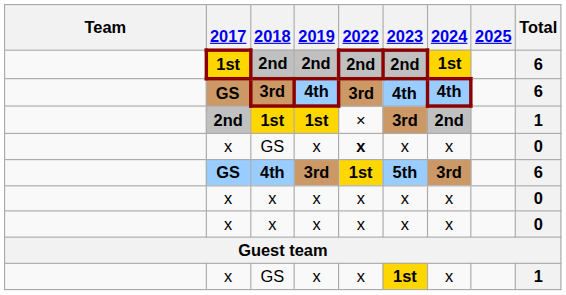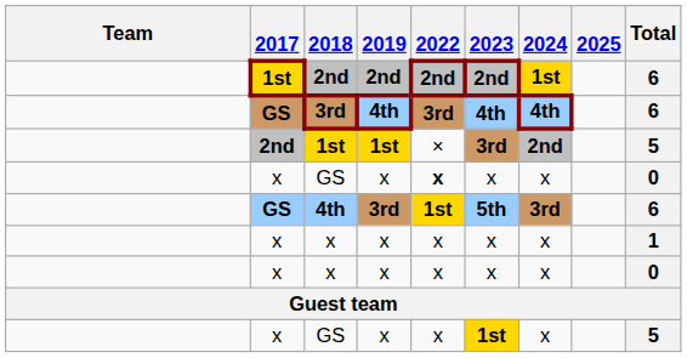 <table class="wikitable" style="text-align:center; font-size:90%">
 <tr>
 <th width=170>Team</th>
 <th><br><a href='#'>2017</a></th>
 <th><br><a href='#'>2018</a></th>
 <th><br><a href='#'>2019</a></th>
 <th><br><a href='#'>2022</a></th>
 <th><br><a href='#'>2023</a></th>
 <th><br><a href='#'>2024</a></th>
 <th><br><a href='#'>2025</a></th>
 <th>Total</th>
 </tr>
 <tr>
 <td align=left></td>
 <td style="border: 3px solid darkred" bgcolor=gold><strong>1st</strong></td>
 <td bgcolor=silver><strong>2nd</strong></td>
 <td bgcolor=silver><strong>2nd</strong></td>
 <td style="border: 3px solid darkred" bgcolor=silver><strong>2nd</strong></td>
 <td style="border: 3px solid darkred" bgcolor=silver><strong>2nd</strong></td>
 <td bgcolor=gold><strong>1st</strong></td>
 <td></td>
 <th>6</th>
 </tr>
 <tr>
 <td align=left></td>
 <td bgcolor=cc9966><strong>GS</strong></td>
 <td style="border: 3px solid darkred" bgcolor=cc9966><strong>3rd</strong></td>
 <td style="border: 3px solid darkred" bgcolor=9acdff><strong>4th</strong></td>
 <td bgcolor=cc9966><strong>3rd</strong></td>
 <td bgcolor=9acdff><strong>4th</strong></td>
 <td style="border: 3px solid darkred" bgcolor=9acdff><strong>4th</strong></td>
 <td></td>
 <th>6</th>
 </tr>
 <tr>
 <td align=left></td>
 <td bgcolor=silver><strong>2nd</strong></td>
 <td bgcolor=gold><strong>1st</strong></td>
 <td bgcolor=gold><strong>1st</strong></td>
 <td>×</td>
 <td bgcolor=cc9966><strong>3rd</strong></td>
 <td bgcolor=silver><strong>2nd</strong></td>
 <td></td>
-<th>1</th>
+<th>5</th>
 </tr>
 <tr>
 <td align=left></td>
 <td>x</td>
 <td>GS</td>
 <td>x</td>
 <td><strong>x</strong></td>
 <td>x</td>
 <td>x</td>
 <td></td>
 <th>0</th>
 </tr>
 <tr>
 <td align=left></td>
 <td bgcolor=9acdff><strong>GS</strong></td>
 <td bgcolor=9acdff><strong>4th</strong></td>
 <td bgcolor=cc9966><strong>3rd</strong></td>
 <td bgcolor=gold><strong>1st</strong></td>
 <td bgcolor=9acdff><strong>5th</strong></td>
 <td bgcolor=cc9966><strong>3rd</strong></td>
 <td></td>
 <th>6</th>
 </tr>
 <tr>
 <td align=left></td>
 <td>x</td>
 <td>x</td>
 <td>x</td>
 <td>x</td>
 <td>x</td>
 <td>x</td>
 <td></td>
-<th>0</th>
+<th>1</th>
 </tr>
 <tr>
 <td align=left></td>
 <td>x</td>
 <td>x</td>
 <td>x</td>
 <td>x</td>
 <td>x</td>
 <td>x</td>
 <td></td>
 <th>0</th>
 </tr>
 <tr>
 <th colspan="9">Guest team</th>
 </tr>
 <tr>
 <td align=left></td>
 <td>x</td>
 <td>GS</td>
 <td>x</td>
 <td>x</td>
 <td bgcolor=gold><strong>1st</strong></td>
 <td>x</td>
 <td></td>
-<th>1</th>
+<th>5</th>
 </tr>
 </table>
